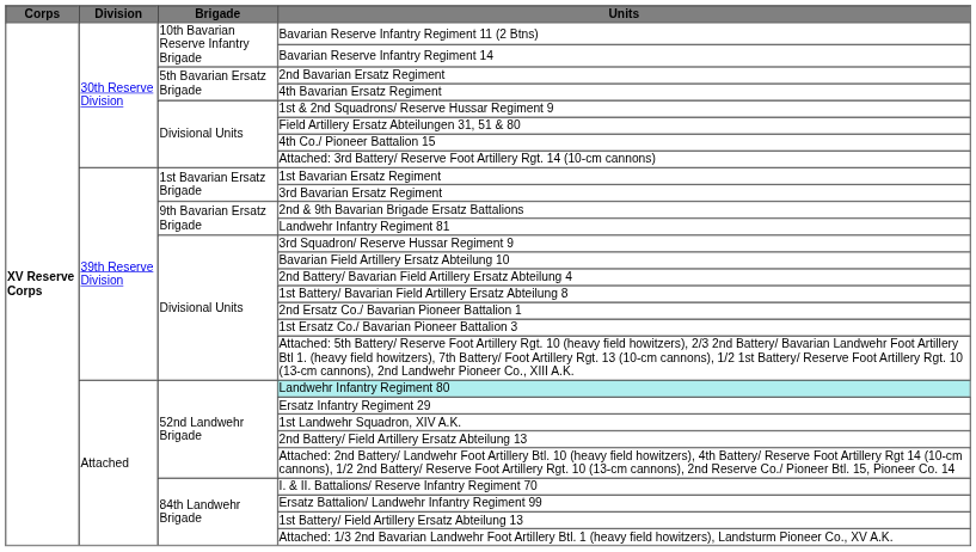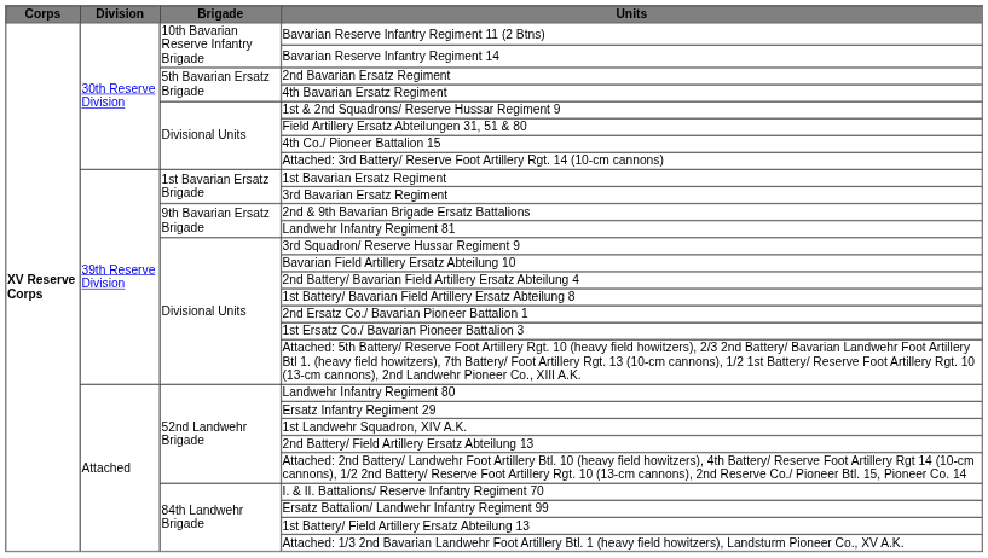 <table style="float: right;" border="1" cellpadding="1" cellspacing="0" style="font-size: 100%; border: gray solid 1px; border-collapse: collapse; text-align: center;">
 <tr style="background-color:grey; color:black;">
 <th>Corps</th>
 <th>Division</th>
 <th>Brigade</th>
 <th>Units</th>
 </tr>
 <tr>
 <td ROWSPAN=28><strong>XV Reserve Corps</strong></td>
 <td ROWSPAN=8><a href='#'>30th Reserve Division</a></td>
 <td ROWSPAN=2>10th Bavarian Reserve Infantry Brigade</td>
 <td>Bavarian Reserve Infantry Regiment 11 (2 Btns)</td>
 </tr>
 <tr>
 <td>Bavarian Reserve Infantry Regiment 14</td>
 </tr>
 <tr>
 <td ROWSPAN=2>5th Bavarian Ersatz Brigade</td>
 <td>2nd Bavarian Ersatz Regiment</td>
 </tr>
 <tr>
 <td>4th Bavarian Ersatz Regiment</td>
 </tr>
 <tr>
 <td ROWSPAN=4>Divisional Units</td>
 <td>1st & 2nd Squadrons/ Reserve Hussar Regiment 9</td>
 </tr>
 <tr>
 <td>Field Artillery Ersatz Abteilungen 31, 51 & 80</td>
 </tr>
 <tr>
 <td>4th Co./ Pioneer Battalion 15</td>
 </tr>
 <tr>
 <td>Attached: 3rd Battery/ Reserve Foot Artillery Rgt. 14 (10-cm cannons)</td>
 </tr>
 <tr>
 <td ROWSPAN=11><a href='#'>39th Reserve Division</a></td>
 <td ROWSPAN=2>1st Bavarian Ersatz Brigade</td>
 <td>1st Bavarian Ersatz Regiment</td>
 </tr>
 <tr>
 <td>3rd Bavarian Ersatz Regiment</td>
 </tr>
 <tr>
 <td ROWSPAN=2>9th Bavarian Ersatz Brigade</td>
 <td>2nd & 9th Bavarian Brigade Ersatz Battalions</td>
 </tr>
 <tr>
 <td>Landwehr Infantry Regiment 81</td>
 </tr>
 <tr>
 <td ROWSPAN=7>Divisional Units</td>
 <td>3rd Squadron/ Reserve Hussar Regiment 9</td>
 </tr>
 <tr>
 <td>Bavarian Field Artillery Ersatz Abteilung 10</td>
 </tr>
 <tr>
 <td>2nd Battery/ Bavarian Field Artillery Ersatz Abteilung 4</td>
 </tr>
 <tr>
 <td>1st Battery/ Bavarian Field Artillery Ersatz Abteilung 8</td>
 </tr>
 <tr>
 <td>2nd Ersatz Co./ Bavarian Pioneer Battalion 1</td>
 </tr>
 <tr>
 <td>1st Ersatz Co./ Bavarian Pioneer Battalion 3</td>
 </tr>
 <tr>
 <td>Attached: 5th Battery/ Reserve Foot Artillery Rgt. 10 (heavy field howitzers), 2/3 2nd Battery/ Bavarian Landwehr Foot Artillery Btl 1. (heavy field howitzers), 7th Battery/ Foot Artillery Rgt. 13 (10-cm cannons), 1/2 1st Battery/ Reserve Foot Artillery Rgt. 10 (13-cm cannons), 2nd Landwehr Pioneer Co., XIII A.K.</td>
 </tr>
 <tr>
 <td ROWSPAN=9>Attached</td>
 <td ROWSPAN=5>52nd Landwehr Brigade</td>
-<td style="background: paleturquoise;">Landwehr Infantry Regiment 80</td>
+<td>Landwehr Infantry Regiment 80</td>
 </tr>
 <tr>
 <td>Ersatz Infantry Regiment 29</td>
 </tr>
 <tr>
 <td>1st Landwehr Squadron, XIV A.K.</td>
 </tr>
 <tr>
 <td>2nd Battery/ Field Artillery Ersatz Abteilung 13</td>
 </tr>
 <tr>
 <td>Attached: 2nd Battery/ Landwehr Foot Artillery Btl. 10 (heavy field howitzers), 4th Battery/ Reserve Foot Artillery Rgt 14 (10-cm cannons), 1/2 2nd Battery/ Reserve Foot Artillery Rgt. 10 (13-cm cannons), 2nd Reserve Co./ Pioneer Btl. 15, Pioneer Co. 14</td>
 </tr>
 <tr>
 <td ROWSPAN=4>84th Landwehr Brigade</td>
 <td>I. & II. Battalions/ Reserve Infantry Regiment 70</td>
 </tr>
 <tr>
 <td>Ersatz Battalion/ Landwehr Infantry Regiment 99</td>
 </tr>
 <tr>
 <td>1st Battery/ Field Artillery Ersatz Abteilung 13</td>
 </tr>
 <tr>
 <td>Attached: 1/3 2nd Bavarian Landwehr Foot Artillery Btl. 1 (heavy field howitzers), Landsturm Pioneer Co., XV A.K.</td>
 </tr>
 <tr>
 </tr>
 </table>
